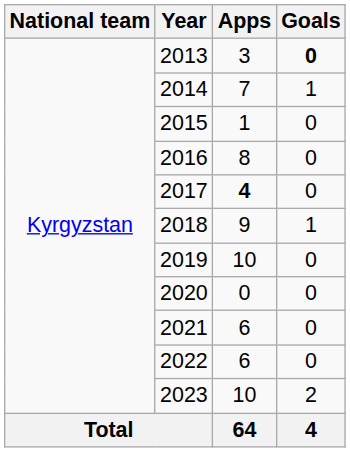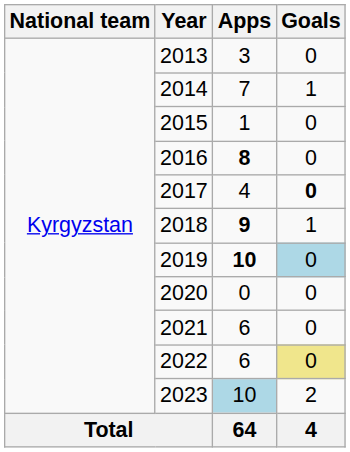 <table class="wikitable" style="text-align:center">
 <tr>
 <th>National team</th>
 <th>Year</th>
 <th>Apps</th>
 <th>Goals</th>
 </tr>
 <tr>
 <td rowspan="11"><a href='#'>Kyrgyzstan</a></td>
 <td>2013</td>
 <td>3</td>
-<td><strong>0</strong></td>
+<td>0</td>
 </tr>
 <tr>
 <td>2014</td>
 <td>7</td>
 <td>1</td>
 </tr>
 <tr>
 <td>2015</td>
 <td>1</td>
 <td>0</td>
 </tr>
 <tr>
 <td>2016</td>
-<td>8</td>
+<td><strong>8</strong></td>
 <td>0</td>
 </tr>
 <tr>
 <td>2017</td>
-<td><strong>4</strong></td>
-<td>0</td>
+<td>4</td>
+<td><strong>0</strong></td>
 </tr>
 <tr>
 <td>2018</td>
-<td>9</td>
+<td><strong>9</strong></td>
 <td>1</td>
 </tr>
 <tr>
 <td>2019</td>
-<td>10</td>
-<td>0</td>
+<td><strong>10</strong></td>
+<td style="background: lightblue;">0</td>
 </tr>
 <tr>
 <td>2020</td>
 <td>0</td>
 <td>0</td>
 </tr>
 <tr>
 <td>2021</td>
 <td>6</td>
 <td>0</td>
 </tr>
 <tr>
 <td>2022</td>
 <td>6</td>
-<td>0</td>
+<td style="background: khaki;">0</td>
 </tr>
 <tr>
 <td>2023</td>
-<td>10</td>
+<td style="background: lightblue;">10</td>
 <td>2</td>
 </tr>
 <tr>
 <th colspan="2">Total</th>
 <th>64</th>
 <th>4</th>
 </tr>
 </table>
